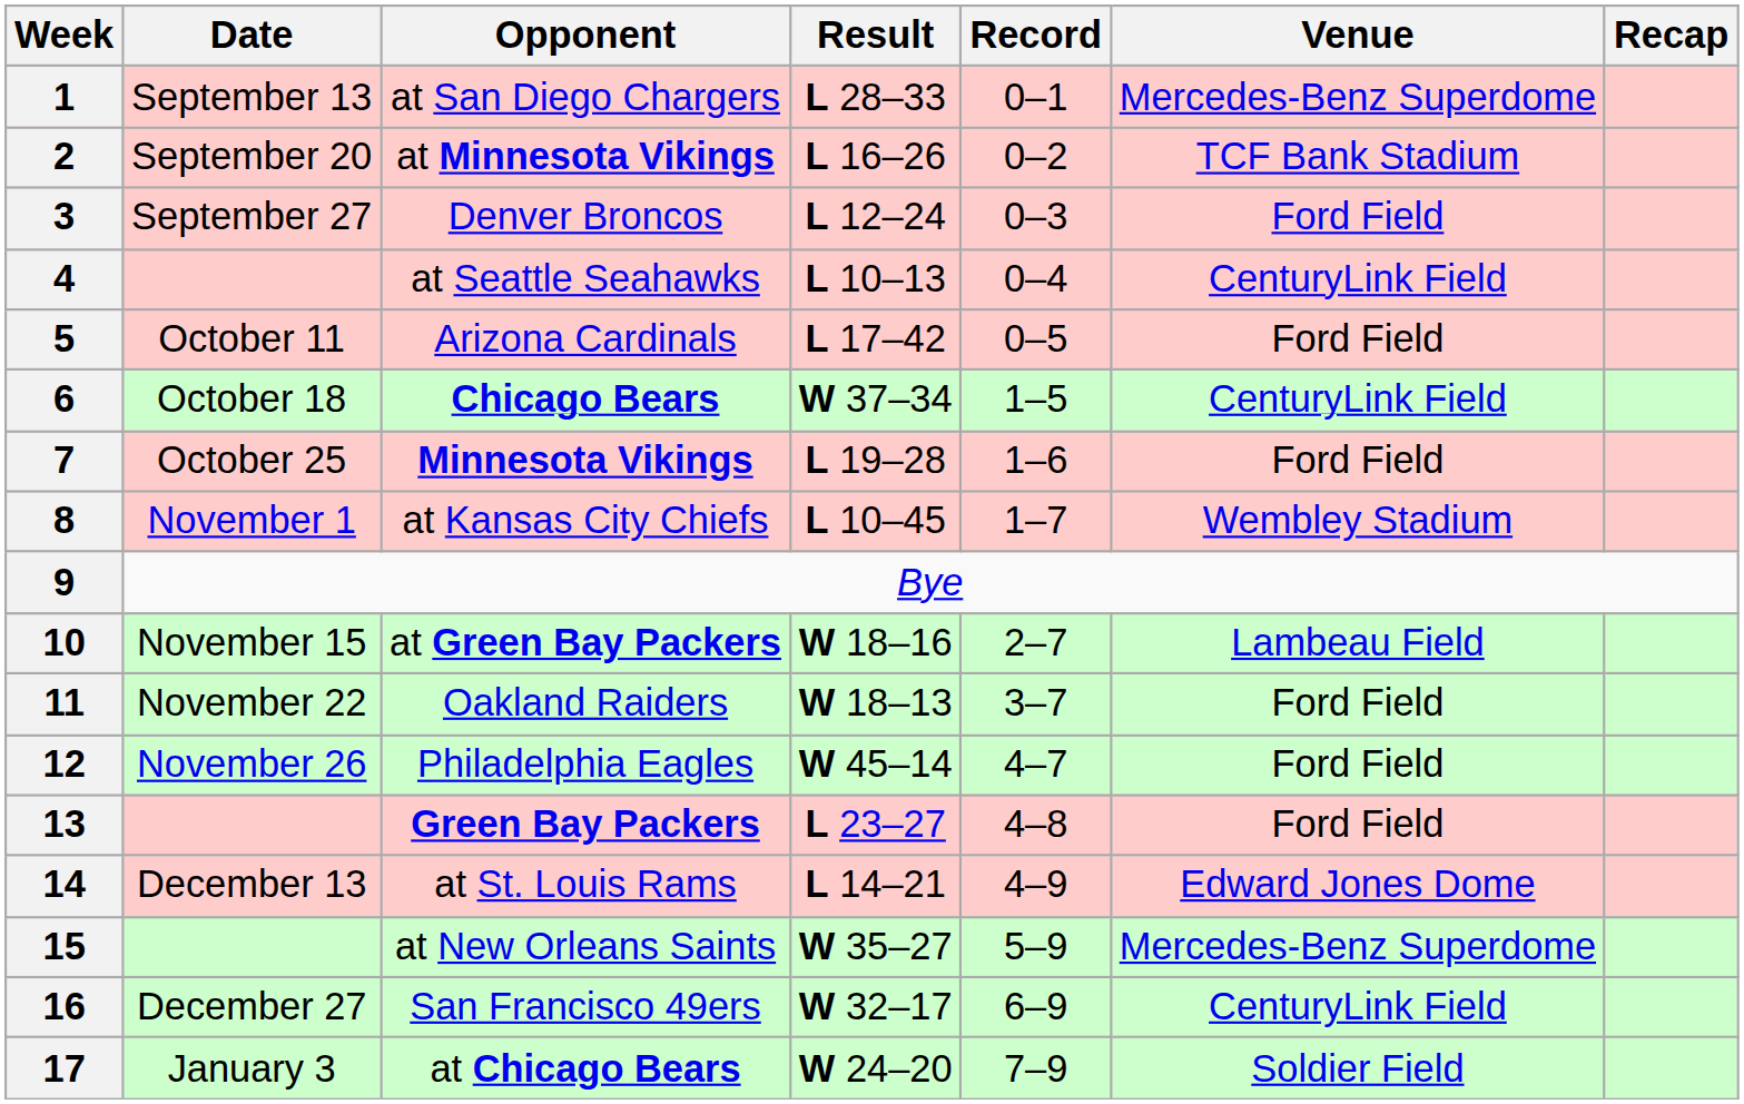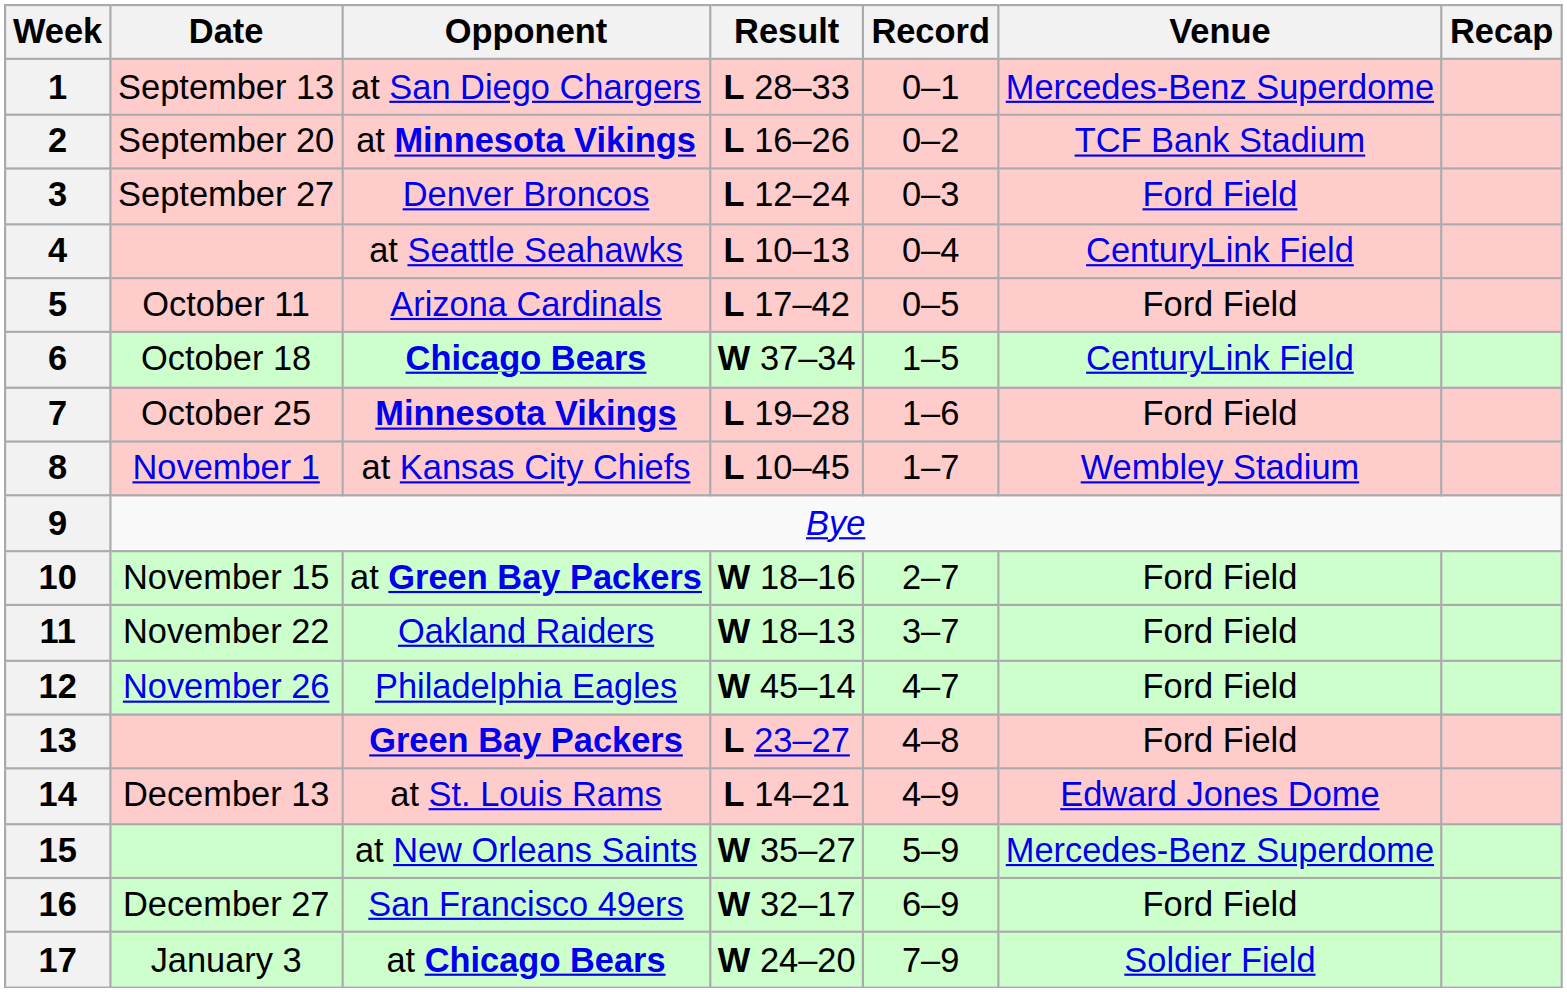 <table class="wikitable" style="text-align:center">
 <tr>
 <th>Week</th>
 <th>Date</th>
 <th>Opponent</th>
 <th>Result</th>
 <th>Record</th>
 <th>Venue</th>
 <th>Recap</th>
 </tr>
 <tr style="background:#fcc">
 <th>1</th>
 <td>September 13</td>
 <td>at <a href='#'>San Diego Chargers</a></td>
 <td><strong>L</strong> 28–33</td>
 <td>0–1</td>
 <td><a href='#'>Mercedes-Benz Superdome</a></td>
 <td></td>
 </tr>
 <tr style="background:#fcc">
 <th>2</th>
 <td>September 20</td>
 <td>at <strong><a href='#'>Minnesota Vikings</a></strong></td>
 <td><strong>L</strong> 16–26</td>
 <td>0–2</td>
 <td><a href='#'>TCF Bank Stadium</a></td>
 <td></td>
 </tr>
 <tr style="background:#fcc">
 <th>3</th>
 <td>September 27</td>
 <td><a href='#'>Denver Broncos</a></td>
 <td><strong>L</strong> 12–24</td>
 <td>0–3</td>
 <td><a href='#'>Ford Field</a></td>
 <td></td>
 </tr>
 <tr style="background:#fcc">
 <th>4</th>
 <td></td>
 <td>at <a href='#'>Seattle Seahawks</a></td>
 <td><strong>L</strong> 10–13</td>
 <td>0–4</td>
 <td><a href='#'>CenturyLink Field</a></td>
 <td></td>
 </tr>
 <tr style="background:#fcc">
 <th>5</th>
 <td>October 11</td>
 <td><a href='#'>Arizona Cardinals</a></td>
 <td><strong>L</strong> 17–42</td>
 <td>0–5</td>
 <td>Ford Field</td>
 <td></td>
 </tr>
 <tr style="background:#cfc">
 <th>6</th>
 <td>October 18</td>
 <td><strong><a href='#'>Chicago Bears</a></strong></td>
 <td><strong>W</strong> 37–34 </td>
 <td>1–5</td>
 <td><a href='#'>CenturyLink Field</a></td>
 <td></td>
 </tr>
 <tr style="background:#fcc">
 <th>7</th>
 <td>October 25</td>
 <td><strong><a href='#'>Minnesota Vikings</a></strong></td>
 <td><strong>L</strong> 19–28</td>
 <td>1–6</td>
 <td>Ford Field</td>
 <td></td>
 </tr>
 <tr style="background:#fcc">
 <th>8</th>
 <td><a href='#'>November 1</a></td>
 <td>at <a href='#'>Kansas City Chiefs</a></td>
 <td><strong>L</strong> 10–45</td>
 <td>1–7</td>
 <td> <a href='#'>Wembley Stadium</a> </td>
 <td></td>
 </tr>
 <tr>
 <th>9</th>
 <td colspan="6"><em><a href='#'>Bye</a></em></td>
 </tr>
 <tr style="background:#cfc">
 <th>10</th>
 <td>November 15</td>
 <td>at <strong><a href='#'>Green Bay Packers</a></strong></td>
 <td><strong>W</strong> 18–16</td>
 <td>2–7</td>
-<td><a href='#'>Lambeau Field</a></td>
+<td>Ford Field</td>
 <td></td>
 </tr>
 <tr style="background:#cfc">
 <th>11</th>
 <td>November 22</td>
 <td><a href='#'>Oakland Raiders</a></td>
 <td><strong>W</strong> 18–13</td>
 <td>3–7</td>
 <td>Ford Field</td>
 <td></td>
 </tr>
 <tr style="background:#cfc">
 <th>12</th>
 <td><a href='#'>November 26</a></td>
 <td><a href='#'>Philadelphia Eagles</a></td>
 <td><strong>W</strong> 45–14</td>
 <td>4–7</td>
 <td>Ford Field</td>
 <td></td>
 </tr>
 <tr style="background:#fcc">
 <th>13</th>
 <td></td>
 <td><strong><a href='#'>Green Bay Packers</a></strong></td>
 <td><strong>L</strong> <a href='#'>23–27</a></td>
 <td>4–8</td>
 <td>Ford Field</td>
 <td></td>
 </tr>
 <tr style="background:#fcc">
 <th>14</th>
 <td>December 13</td>
 <td>at <a href='#'>St. Louis Rams</a></td>
 <td><strong>L</strong> 14–21</td>
 <td>4–9</td>
 <td><a href='#'>Edward Jones Dome</a></td>
 <td></td>
 </tr>
 <tr style="background:#cfc">
 <th>15</th>
 <td></td>
 <td>at <a href='#'>New Orleans Saints</a></td>
 <td><strong>W</strong> 35–27</td>
 <td>5–9</td>
 <td><a href='#'>Mercedes-Benz Superdome</a></td>
 <td></td>
 </tr>
 <tr style="background:#cfc">
 <th>16</th>
 <td>December 27</td>
 <td><a href='#'>San Francisco 49ers</a></td>
 <td><strong>W</strong> 32–17</td>
 <td>6–9</td>
-<td><a href='#'>CenturyLink Field</a></td>
+<td>Ford Field</td>
 <td></td>
 </tr>
 <tr style="background:#cfc">
 <th>17</th>
 <td>January 3</td>
 <td>at <strong><a href='#'>Chicago Bears</a></strong></td>
 <td><strong>W</strong> 24–20</td>
 <td>7–9</td>
 <td><a href='#'>Soldier Field</a></td>
 <td></td>
 </tr>
 </table>
